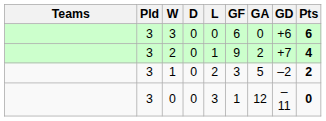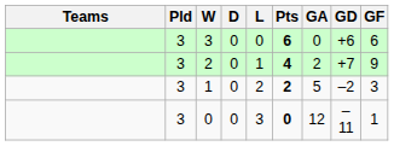 <table class="wikitable" style="text-align: center;">
 <tr>
 <th width=165>Teams</th>
 <th width=20>Pld</th>
 <th width=20>W</th>
 <th width=20>D</th>
 <th width=20>L</th>
-<th width=20>GF</th>
+<th width=20>Pts</th>
 <th width=20>GA</th>
 <th width=20>GD</th>
-<th width=20>Pts</th>
+<th width=20>GF</th>
 </tr>
 <tr align=center style="background:#ccffcc;">
 <td style="text-align:left;"></td>
 <td>3</td>
 <td>3</td>
 <td>0</td>
 <td>0</td>
-<td>6</td>
+<td><strong>6</strong></td>
 <td>0</td>
 <td>+6</td>
-<td><strong>6</strong></td>
+<td>6</td>
 </tr>
 <tr align=center style="background:#ccffcc;">
 <td style="text-align:left;"></td>
 <td>3</td>
 <td>2</td>
 <td>0</td>
 <td>1</td>
-<td>9</td>
+<td><strong>4</strong></td>
 <td>2</td>
 <td>+7</td>
-<td><strong>4</strong></td>
+<td>9</td>
 </tr>
 <tr align=center>
 <td style="text-align:left;"></td>
 <td>3</td>
 <td>1</td>
 <td>0</td>
 <td>2</td>
-<td>3</td>
+<td><strong>2</strong></td>
 <td>5</td>
 <td>–2</td>
-<td><strong>2</strong></td>
+<td>3</td>
 </tr>
 <tr align=center>
 <td style="text-align:left;"></td>
 <td>3</td>
 <td>0</td>
 <td>0</td>
 <td>3</td>
-<td>1</td>
+<td><strong>0</strong></td>
 <td>12</td>
 <td>–11</td>
-<td><strong>0</strong></td>
+<td>1</td>
 </tr>
 </table>
